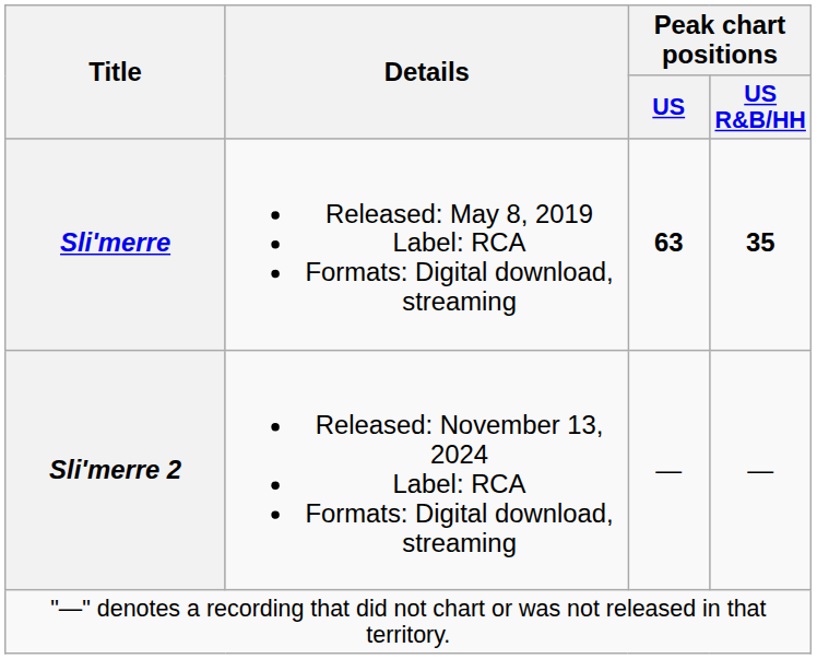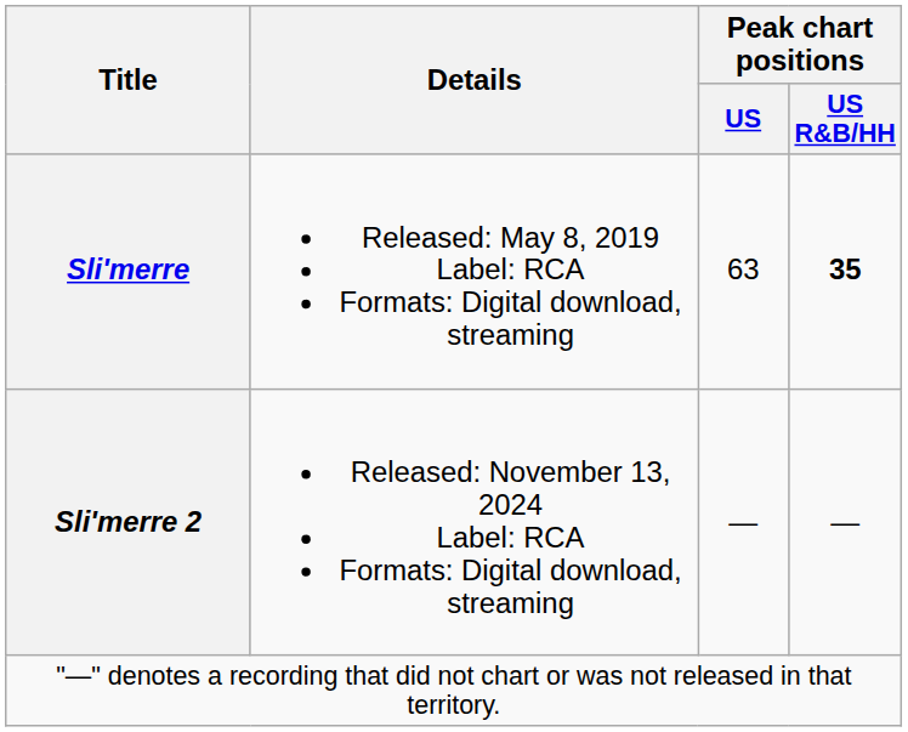 <table class="wikitable plainrowheaders" style="text-align:center;">
 <tr>
 <th scope="col" rowspan="2" style="width:8em;">Title</th>
 <th scope="col" rowspan="2" style="width:15em;">Details</th>
 <th scope="col" colspan="2">Peak chart positions</th>
 </tr>
 <tr>
 <th scope="col" style="width:3em;font-size:90%;"><a href='#'>US</a><br></th>
 <th scope="col" style="width:3em;font-size:90%;"><a href='#'>US<br>R&B/HH</a><br></th>
 </tr>
 <tr>
 <th scope="row"><em><a href='#'>Sli'merre</a></em><br></th>
 <td><br><ul><li>Released: May 8, 2019</li><li>Label: RCA</li><li>Formats: Digital download, streaming</li></ul></td>
-<td><strong>63</strong></td>
+<td>63</td>
 <td><strong>35</strong></td>
 </tr>
 <tr>
 <th scope="row"><em>Sli'merre 2</em><br></th>
 <td><br><ul><li>Released: November 13, 2024</li><li>Label: RCA</li><li>Formats: Digital download, streaming</li></ul></td>
 <td>—</td>
 <td>—</td>
 </tr>
 <tr>
 <td colspan="14" style="font-size:90%">"—" denotes a recording that did not chart or was not released in that territory.</td>
 </tr>
 </table>
